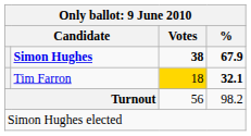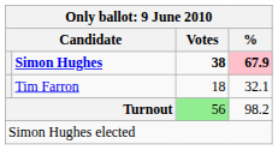 <table class=wikitable style="font-size:95%;">
 <tr>
 <th colspan="5">Only ballot: 9 June 2010</th>
 </tr>
 <tr>
 <th colspan="2" style="width: 170px">Candidate</th>
 <th style="width: 50px">Votes</th>
 <th style="width: 40px">%</th>
 </tr>
 <tr>
 <th style="background-color: "></th>
 <td style="width: 170px"><strong><a href='#'>Simon Hughes</a></strong></td>
 <td style="text-align:right;"><strong>38</strong></td>
-<td style="text-align:right;"><strong>67.9</strong></td>
+<td style="background: pink; text-align:right;"><strong>67.9</strong></td>
 </tr>
 <tr>
 <th style="background-color: "></th>
 <td style="width: 170px"><a href='#'>Tim Farron</a></td>
-<td style="background: gold; text-align:right;">18</td>
-<td style="text-align:right;"><strong>32.1</strong></td>
+<td style="text-align:right;">18</td>
+<td style="text-align:right;">32.1</td>
 </tr>
 <tr>
 <th style="text-align:right" colspan="2">Turnout</th>
-<td style="text-align:right;">56</td>
+<td style="background: lightgreen; text-align:right;">56</td>
 <td style="text-align:right;">98.2</td>
 </tr>
 <tr>
 <td colspan="4">Simon Hughes elected</td>
 </tr>
 </table>
